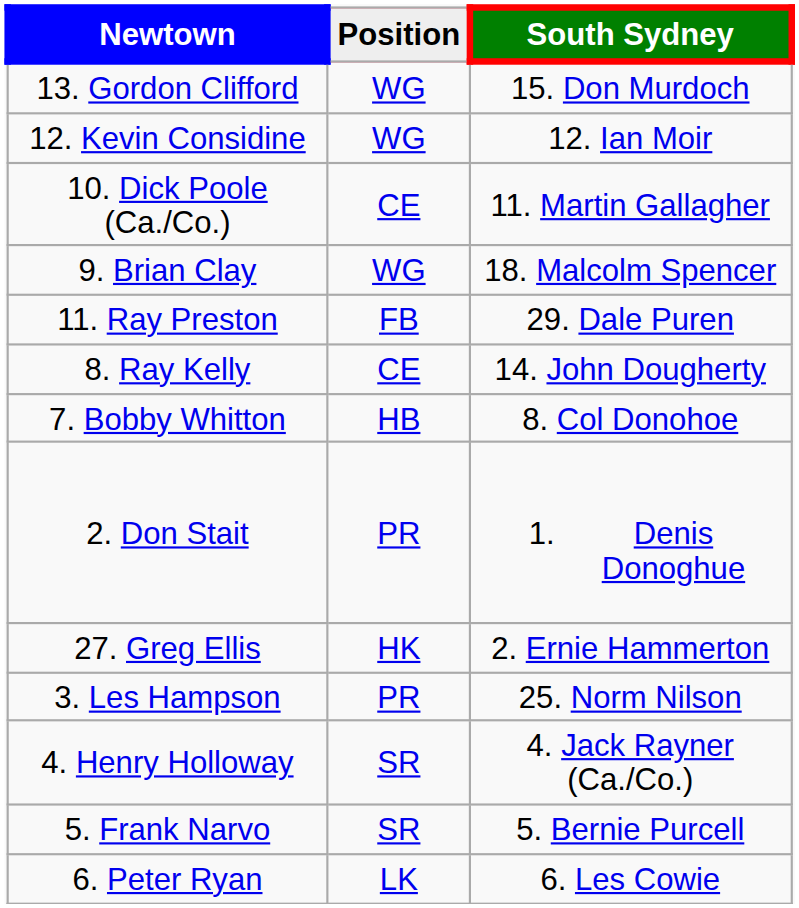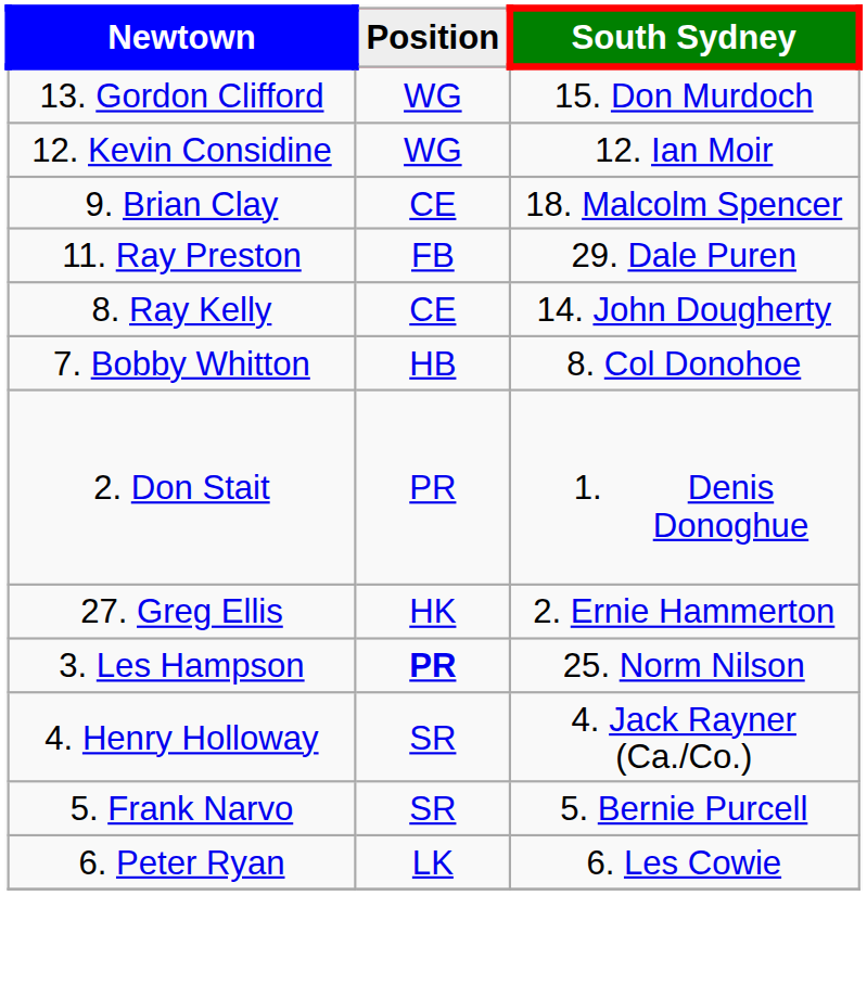 <table align="right" class="wikitable" style="font-size:90%; margin-left:1em">
 <tr bgcolor="#FF0033">
 <th style="width:140px; border:3px solid blue; background: blue; color: white">Newtown</th>
 <th style="width:40px; text-align:center; background:#eee; color:black;">Position</th>
 <th style="width:140px; border:3px solid red; background: green; color: white">South Sydney</th>
 </tr>
 <tr align=center>
 <td>13. <a href='#'>Gordon Clifford</a></td>
 <td><a href='#'>WG</a></td>
 <td>15. <a href='#'>Don Murdoch</a></td>
 </tr>
 <tr align=center>
 <td>12. <a href='#'>Kevin Considine</a></td>
 <td><a href='#'>WG</a></td>
 <td>12. <a href='#'>Ian Moir</a></td>
 </tr>
 <tr align=center>
-<td>10. <a href='#'>Dick Poole</a> (Ca./Co.)</td>
+<td>9. <a href='#'>Brian Clay</a></td>
 <td><a href='#'>CE</a></td>
-<td>11. <a href='#'>Martin Gallagher</a></td>
-</tr>
-<tr align=center>
-<td>9. <a href='#'>Brian Clay</a></td>
-<td><a href='#'>WG</a></td>
 <td>18. <a href='#'>Malcolm Spencer</a></td>
 </tr>
 <tr align=center>
 <td>11. <a href='#'>Ray Preston</a></td>
 <td><a href='#'>FB</a></td>
 <td>29. <a href='#'>Dale Puren</a></td>
 </tr>
 <tr align=center>
 <td>8. <a href='#'>Ray Kelly</a></td>
 <td><a href='#'>CE</a></td>
 <td>14. <a href='#'>John Dougherty</a></td>
 </tr>
 <tr align=center>
 <td>7. <a href='#'>Bobby Whitton</a></td>
 <td><a href='#'>HB</a></td>
 <td>8. <a href='#'>Col Donohoe</a></td>
 </tr>
 <tr align=center>
 <td>2. <a href='#'>Don Stait</a></td>
 <td><a href='#'>PR</a></td>
 <td><br><ol><li><a href='#'>Denis Donoghue</a></li></ol></td>
 </tr>
 <tr align=center>
 <td>27. <a href='#'>Greg Ellis</a></td>
 <td><a href='#'>HK</a></td>
 <td>2. <a href='#'>Ernie Hammerton</a></td>
 </tr>
 <tr align=center>
 <td>3. <a href='#'>Les Hampson</a></td>
-<td><a href='#'>PR</a></td>
+<td><strong><a href='#'>PR</a></strong></td>
 <td>25. <a href='#'>Norm Nilson</a></td>
 </tr>
 <tr align=center>
 <td>4. <a href='#'>Henry Holloway</a></td>
 <td><a href='#'>SR</a></td>
 <td>4. <a href='#'>Jack Rayner</a> (Ca./Co.)</td>
 </tr>
 <tr align=center>
 <td>5. <a href='#'>Frank Narvo</a></td>
 <td><a href='#'>SR</a></td>
 <td>5. <a href='#'>Bernie Purcell</a></td>
 </tr>
 <tr align=center>
 <td>6. <a href='#'>Peter Ryan</a></td>
 <td><a href='#'>LK</a></td>
 <td>6. <a href='#'>Les Cowie</a></td>
 </tr>
 <tr>
 </tr>
 </table>
